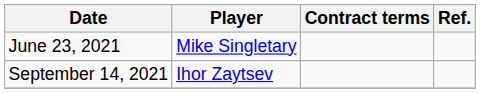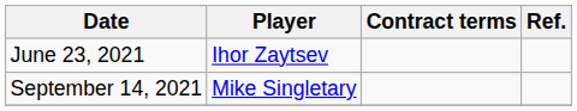 <table class="wikitable">
 <tr>
 <th>Date</th>
 <th>Player</th>
 <th>Contract terms</th>
 <th>Ref.</th>
 </tr>
 <tr>
 <td>June 23, 2021</td>
-<td><a href='#'>Mike Singletary</a></td>
+<td><a href='#'>Ihor Zaytsev</a></td>
 <td></td>
 <td></td>
 </tr>
 <tr>
 <td>September 14, 2021</td>
-<td><a href='#'>Ihor Zaytsev</a></td>
+<td><a href='#'>Mike Singletary</a></td>
 <td></td>
 <td></td>
 </tr>
 <tr>
 </tr>
 </table>
